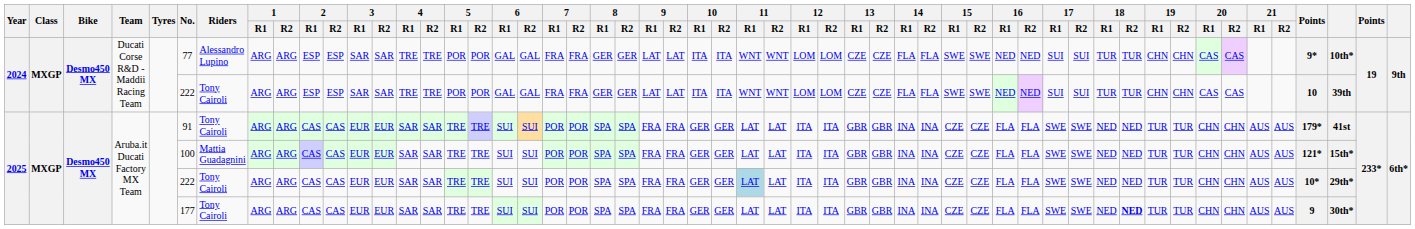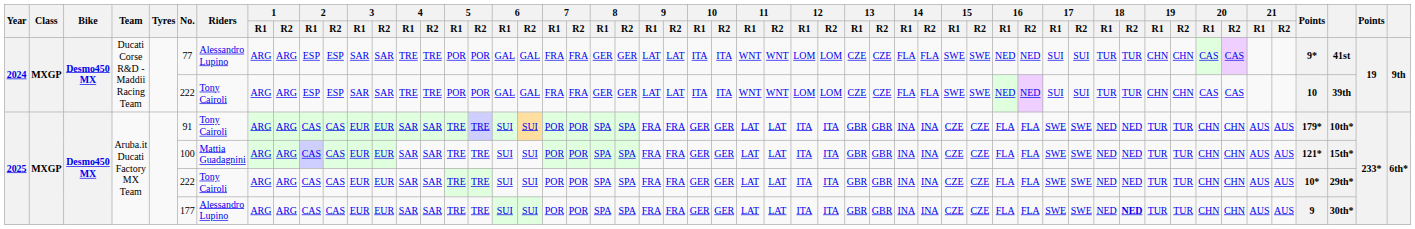 <table class="wikitable" style="text-align:center; font-size:90%;">
 <tr>
 <th rowspan="2">Year</th>
 <th rowspan="2">Class</th>
 <th rowspan="2">Bike</th>
 <th rowspan="2">Team</th>
 <th rowspan="2">Tyres</th>
 <th rowspan="2">No.</th>
 <th rowspan="2">Riders</th>
 <th colspan="2">1</th>
 <th colspan="2">2</th>
 <th colspan="2">3</th>
 <th colspan="2">4</th>
 <th colspan="2">5</th>
 <th colspan="2">6</th>
 <th colspan="2">7</th>
 <th colspan="2">8</th>
 <th colspan="2">9</th>
 <th colspan="2">10</th>
 <th colspan="2">11</th>
 <th colspan="2">12</th>
 <th colspan="2">13</th>
 <th colspan="2">14</th>
 <th colspan="2">15</th>
 <th colspan="2">16</th>
 <th colspan="2">17</th>
 <th colspan="2">18</th>
 <th colspan="2">19</th>
 <th colspan="2">20</th>
 <th colspan="2">21</th>
 <th rowspan="2">Points</th>
 <th rowspan="2"></th>
 <th rowspan="2">Points</th>
 <th rowspan="2"></th>
 </tr>
 <tr>
 <th>R1</th>
 <th>R2</th>
 <th>R1</th>
 <th>R2</th>
 <th>R1</th>
 <th>R2</th>
 <th>R1</th>
 <th>R2</th>
 <th>R1</th>
 <th>R2</th>
 <th>R1</th>
 <th>R2</th>
 <th>R1</th>
 <th>R2</th>
 <th>R1</th>
 <th>R2</th>
 <th>R1</th>
 <th>R2</th>
 <th>R1</th>
 <th>R2</th>
 <th>R1</th>
 <th>R2</th>
 <th>R1</th>
 <th>R2</th>
 <th>R1</th>
 <th>R2</th>
 <th>R1</th>
 <th>R2</th>
 <th>R1</th>
 <th>R2</th>
 <th>R1</th>
 <th>R2</th>
 <th>R1</th>
 <th>R2</th>
 <th>R1</th>
 <th>R2</th>
 <th>R1</th>
 <th>R2</th>
 <th>R1</th>
 <th>R2</th>
 <th>R1</th>
 <th>R2</th>
 </tr>
 <tr>
 <th rowspan="2"><a href='#'>2024</a></th>
 <th rowspan="2">MXGP</th>
 <th rowspan="2"><a href='#'>Desmo450 MX</a></th>
 <td rowspan="2">Ducati Corse R&D - Maddii Racing Team</td>
 <td rowspan="2"></td>
 <td>77</td>
 <td style="text-align:left;"> <a href='#'>Alessandro Lupino</a></td>
 <td><a href='#'>ARG</a></td>
 <td><a href='#'>ARG</a></td>
 <td><a href='#'>ESP</a></td>
 <td><a href='#'>ESP</a></td>
 <td><a href='#'>SAR</a></td>
 <td><a href='#'>SAR</a></td>
 <td><a href='#'>TRE</a></td>
 <td><a href='#'>TRE</a></td>
 <td><a href='#'>POR</a></td>
 <td><a href='#'>POR</a></td>
 <td><a href='#'>GAL</a></td>
 <td><a href='#'>GAL</a></td>
 <td><a href='#'>FRA</a></td>
 <td><a href='#'>FRA</a></td>
 <td><a href='#'>GER</a></td>
 <td><a href='#'>GER</a></td>
 <td><a href='#'>LAT</a></td>
 <td><a href='#'>LAT</a></td>
 <td><a href='#'>ITA</a></td>
 <td><a href='#'>ITA</a></td>
 <td><a href='#'>WNT</a></td>
 <td><a href='#'>WNT</a></td>
 <td><a href='#'>LOM</a></td>
 <td><a href='#'>LOM</a></td>
 <td><a href='#'>CZE</a></td>
 <td><a href='#'>CZE</a></td>
 <td><a href='#'>FLA</a></td>
 <td><a href='#'>FLA</a></td>
 <td><a href='#'>SWE</a></td>
 <td><a href='#'>SWE</a></td>
 <td><a href='#'>NED</a></td>
 <td><a href='#'>NED</a></td>
 <td><a href='#'>SUI</a></td>
 <td><a href='#'>SUI</a></td>
 <td><a href='#'>TUR</a></td>
 <td><a href='#'>TUR</a></td>
 <td><a href='#'>CHN</a></td>
 <td><a href='#'>CHN</a></td>
 <td style="background:#DFFFDF;"><a href='#'>CAS</a><br></td>
 <td style="background:#EFCFFF;"><a href='#'>CAS</a><br></td>
 <td></td>
 <td></td>
 <th>9*</th>
-<th>10th*</th>
+<th>41st</th>
 <th rowspan="2">19</th>
 <th rowspan="2">9th</th>
 </tr>
 <tr>
 <td>222</td>
 <td style="text-align:left;"> <a href='#'>Tony Cairoli</a></td>
 <td><a href='#'>ARG</a></td>
 <td><a href='#'>ARG</a></td>
 <td><a href='#'>ESP</a></td>
 <td><a href='#'>ESP</a></td>
 <td><a href='#'>SAR</a></td>
 <td><a href='#'>SAR</a></td>
 <td><a href='#'>TRE</a></td>
 <td><a href='#'>TRE</a></td>
 <td><a href='#'>POR</a></td>
 <td><a href='#'>POR</a></td>
 <td><a href='#'>GAL</a></td>
 <td><a href='#'>GAL</a></td>
 <td><a href='#'>FRA</a></td>
 <td><a href='#'>FRA</a></td>
 <td><a href='#'>GER</a></td>
 <td><a href='#'>GER</a></td>
 <td><a href='#'>LAT</a></td>
 <td><a href='#'>LAT</a></td>
 <td><a href='#'>ITA</a></td>
 <td><a href='#'>ITA</a></td>
 <td><a href='#'>WNT</a></td>
 <td><a href='#'>WNT</a></td>
 <td><a href='#'>LOM</a></td>
 <td><a href='#'>LOM</a></td>
 <td><a href='#'>CZE</a></td>
 <td><a href='#'>CZE</a></td>
 <td><a href='#'>FLA</a></td>
 <td><a href='#'>FLA</a></td>
 <td><a href='#'>SWE</a></td>
 <td><a href='#'>SWE</a></td>
 <td style="background:#DFFFDF;"><a href='#'>NED</a><br></td>
 <td style="background:#EFCFFF;"><a href='#'>NED</a><br></td>
 <td><a href='#'>SUI</a></td>
 <td><a href='#'>SUI</a></td>
 <td><a href='#'>TUR</a></td>
 <td><a href='#'>TUR</a></td>
 <td><a href='#'>CHN</a></td>
 <td><a href='#'>CHN</a></td>
 <td><a href='#'>CAS</a></td>
 <td><a href='#'>CAS</a></td>
 <td></td>
 <td></td>
 <th>10</th>
 <th>39th</th>
 </tr>
 <tr>
 <th rowspan="4"><a href='#'>2025</a></th>
 <th rowspan="4">MXGP</th>
 <th rowspan="4"><a href='#'>Desmo450 MX</a></th>
 <td rowspan="4">Aruba.it Ducati Factory MX Team</td>
 <td rowspan="4"></td>
 <td>91</td>
 <td style="text-align:left;"> <a href='#'>Tony Cairoli</a></td>
 <td style="background:#DFFFDF;"><a href='#'>ARG</a><br></td>
 <td style="background:#DFFFDF;"><a href='#'>ARG</a><br></td>
 <td style="background:#DFFFDF;"><a href='#'>CAS</a><br></td>
 <td style="background:#DFFFDF;"><a href='#'>CAS</a><br></td>
 <td style="background:#DFFFDF;"><a href='#'>EUR</a><br></td>
 <td style="background:#DFFFDF;"><a href='#'>EUR</a><br></td>
 <td style="background:#DFFFDF;"><a href='#'>SAR</a><br></td>
 <td style="background:#DFFFDF;"><a href='#'>SAR</a><br></td>
 <td style="background:#DFFFDF;"><a href='#'>TRE</a><br></td>
 <td style="background:#CFCFFF;"><a href='#'>TRE</a><br></td>
 <td style="background:#DFFFDF;"><a href='#'>SUI</a><br></td>
 <td style="background:#FFDF9F;"><a href='#'>SUI</a><br></td>
 <td style="background:#DFFFDF;"><a href='#'>POR</a><br></td>
 <td style="background:#DFFFDF;"><a href='#'>POR</a><br></td>
 <td style="background:#DFFFDF;"><a href='#'>SPA</a><br></td>
 <td style="background:#DFFFDF;"><a href='#'>SPA</a><br></td>
 <td><a href='#'>FRA</a></td>
 <td><a href='#'>FRA</a></td>
 <td><a href='#'>GER</a></td>
 <td><a href='#'>GER</a></td>
 <td><a href='#'>LAT</a></td>
 <td><a href='#'>LAT</a></td>
 <td><a href='#'>ITA</a></td>
 <td><a href='#'>ITA</a></td>
 <td><a href='#'>GBR</a></td>
 <td><a href='#'>GBR</a></td>
 <td><a href='#'>INA</a></td>
 <td><a href='#'>INA</a></td>
 <td><a href='#'>CZE</a></td>
 <td><a href='#'>CZE</a></td>
 <td><a href='#'>FLA</a></td>
 <td><a href='#'>FLA</a></td>
 <td><a href='#'>SWE</a></td>
 <td><a href='#'>SWE</a></td>
 <td><a href='#'>NED</a></td>
 <td><a href='#'>NED</a></td>
 <td><a href='#'>TUR</a></td>
 <td><a href='#'>TUR</a></td>
 <td><a href='#'>CHN</a></td>
 <td><a href='#'>CHN</a></td>
 <td><a href='#'>AUS</a></td>
 <td><a href='#'>AUS</a></td>
 <th>179*</th>
-<th>41st</th>
+<th>10th*</th>
 <th rowspan="4" style="background:#;">233*</th>
 <th rowspan="4" style="background:#;">6th*</th>
 </tr>
 <tr>
 <td>100</td>
 <td style="text-align:left;"> <a href='#'>Mattia Guadagnini</a></td>
 <td style="background:#DFFFDF;"><a href='#'>ARG</a><br></td>
 <td style="background:#DFFFDF;"><a href='#'>ARG</a><br></td>
 <td style="background:#CFCFFF;"><a href='#'>CAS</a><br></td>
 <td style="background:#DFFFDF;"><a href='#'>CAS</a><br></td>
 <td style="background:#DFFFDF;"><a href='#'>EUR</a><br></td>
 <td style="background:#DFFFDF;"><a href='#'>EUR</a><br></td>
 <td><a href='#'>SAR</a></td>
 <td><a href='#'>SAR</a></td>
 <td><a href='#'>TRE</a></td>
 <td><a href='#'>TRE</a></td>
 <td><a href='#'>SUI</a></td>
 <td><a href='#'>SUI</a></td>
 <td style="background:#DFFFDF;"><a href='#'>POR</a><br></td>
 <td style="background:#DFFFDF;"><a href='#'>POR</a><br></td>
 <td style="background:#DFFFDF;"><a href='#'>SPA</a><br></td>
 <td style="background:#DFFFDF;"><a href='#'>SPA</a><br></td>
 <td><a href='#'>FRA</a></td>
 <td><a href='#'>FRA</a></td>
 <td><a href='#'>GER</a></td>
 <td><a href='#'>GER</a></td>
 <td><a href='#'>LAT</a></td>
 <td><a href='#'>LAT</a></td>
 <td><a href='#'>ITA</a></td>
 <td><a href='#'>ITA</a></td>
 <td><a href='#'>GBR</a></td>
 <td><a href='#'>GBR</a></td>
 <td><a href='#'>INA</a></td>
 <td><a href='#'>INA</a></td>
 <td><a href='#'>CZE</a></td>
 <td><a href='#'>CZE</a></td>
 <td><a href='#'>FLA</a></td>
 <td><a href='#'>FLA</a></td>
 <td><a href='#'>SWE</a></td>
 <td><a href='#'>SWE</a></td>
 <td><a href='#'>NED</a></td>
 <td><a href='#'>NED</a></td>
 <td><a href='#'>TUR</a></td>
 <td><a href='#'>TUR</a></td>
 <td><a href='#'>CHN</a></td>
 <td><a href='#'>CHN</a></td>
 <td><a href='#'>AUS</a></td>
 <td><a href='#'>AUS</a></td>
 <th>121*</th>
 <th>15th*</th>
 </tr>
 <tr>
 <td>222</td>
 <td style="text-align:left;"> <a href='#'>Tony Cairoli</a></td>
 <td><a href='#'>ARG</a></td>
 <td><a href='#'>ARG</a></td>
 <td><a href='#'>CAS</a></td>
 <td><a href='#'>CAS</a></td>
 <td><a href='#'>EUR</a></td>
 <td><a href='#'>EUR</a></td>
 <td><a href='#'>SAR</a></td>
 <td><a href='#'>SAR</a></td>
 <td style="background:#DFFFDF;"><a href='#'>TRE</a><br></td>
 <td style="background:#DFFFDF;"><a href='#'>TRE</a><br></td>
 <td><a href='#'>SUI</a></td>
 <td><a href='#'>SUI</a></td>
 <td><a href='#'>POR</a></td>
 <td><a href='#'>POR</a></td>
 <td><a href='#'>SPA</a></td>
 <td><a href='#'>SPA</a></td>
 <td><a href='#'>FRA</a></td>
 <td><a href='#'>FRA</a></td>
 <td><a href='#'>GER</a></td>
 <td><a href='#'>GER</a></td>
-<td style="background: lightblue;"><a href='#'>LAT</a></td>
+<td><a href='#'>LAT</a></td>
 <td><a href='#'>LAT</a></td>
 <td><a href='#'>ITA</a></td>
 <td><a href='#'>ITA</a></td>
 <td><a href='#'>GBR</a></td>
 <td><a href='#'>GBR</a></td>
 <td><a href='#'>INA</a></td>
 <td><a href='#'>INA</a></td>
 <td><a href='#'>CZE</a></td>
 <td><a href='#'>CZE</a></td>
 <td><a href='#'>FLA</a></td>
 <td><a href='#'>FLA</a></td>
 <td><a href='#'>SWE</a></td>
 <td><a href='#'>SWE</a></td>
 <td><a href='#'>NED</a></td>
 <td><a href='#'>NED</a></td>
 <td><a href='#'>TUR</a></td>
 <td><a href='#'>TUR</a></td>
 <td><a href='#'>CHN</a></td>
 <td><a href='#'>CHN</a></td>
 <td><a href='#'>AUS</a></td>
 <td><a href='#'>AUS</a></td>
 <th>10*</th>
 <th>29th*</th>
 </tr>
 <tr>
 <td>177</td>
-<td style="text-align:left;"> <a href='#'>Tony Cairoli</a></td>
+<td style="text-align:left;"> <a href='#'>Alessandro Lupino</a></td>
 <td><a href='#'>ARG</a></td>
 <td><a href='#'>ARG</a></td>
 <td><a href='#'>CAS</a></td>
 <td><a href='#'>CAS</a></td>
 <td><a href='#'>EUR</a></td>
 <td><a href='#'>EUR</a></td>
 <td><a href='#'>SAR</a></td>
 <td><a href='#'>SAR</a></td>
 <td><a href='#'>TRE</a></td>
 <td><a href='#'>TRE</a></td>
 <td style="background:#DFFFDF;"><a href='#'>SUI</a><br></td>
 <td style="background:#DFFFDF;"><a href='#'>SUI</a><br></td>
 <td><a href='#'>POR</a></td>
 <td><a href='#'>POR</a></td>
 <td><a href='#'>SPA</a></td>
 <td><a href='#'>SPA</a></td>
 <td><a href='#'>FRA</a></td>
 <td><a href='#'>FRA</a></td>
 <td><a href='#'>GER</a></td>
 <td><a href='#'>GER</a></td>
 <td><a href='#'>LAT</a></td>
 <td><a href='#'>LAT</a></td>
 <td><a href='#'>ITA</a></td>
 <td><a href='#'>ITA</a></td>
 <td><a href='#'>GBR</a></td>
 <td><a href='#'>GBR</a></td>
 <td><a href='#'>INA</a></td>
 <td><a href='#'>INA</a></td>
 <td><a href='#'>CZE</a></td>
 <td><a href='#'>CZE</a></td>
 <td><a href='#'>FLA</a></td>
 <td><a href='#'>FLA</a></td>
 <td><a href='#'>SWE</a></td>
 <td><a href='#'>SWE</a></td>
 <td><a href='#'>NED</a></td>
 <td><strong><a href='#'>NED</a></strong></td>
 <td><a href='#'>TUR</a></td>
 <td><a href='#'>TUR</a></td>
 <td><a href='#'>CHN</a></td>
 <td><a href='#'>CHN</a></td>
 <td><a href='#'>AUS</a></td>
 <td><a href='#'>AUS</a></td>
 <th>9</th>
 <th>30th*</th>
 </tr>
 </table>
